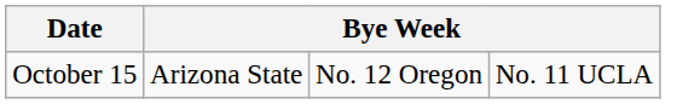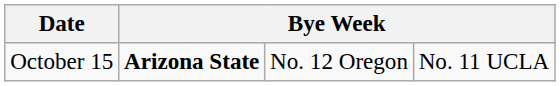 <table class="wikitable" style="font-size:95%;">
 <tr>
 <th>Date</th>
 <th colspan="3">Bye Week</th>
 </tr>
 <tr>
 <td>October 15</td>
-<td>Arizona State</td>
+<td><strong>Arizona State</strong></td>
 <td>No. 12 Oregon</td>
 <td>No. 11 UCLA</td>
 </tr>
 </table>
